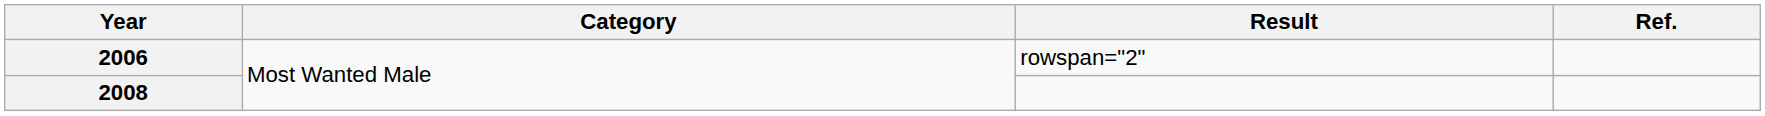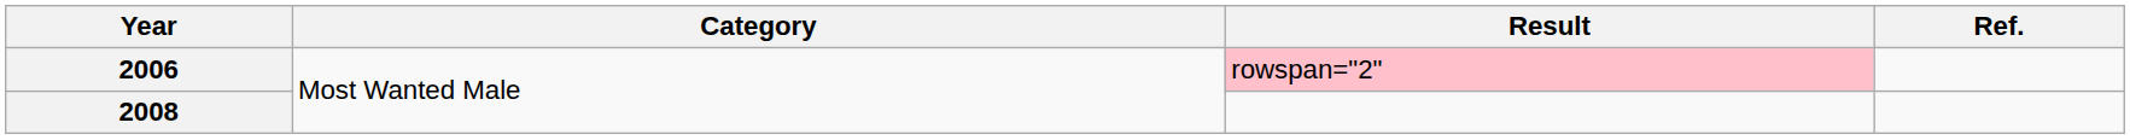 <table class="wikitable plainrowheaders" width="100%" "textcolor:#000;">
 <tr>
 <th>Year</th>
 <th>Category</th>
 <th>Result</th>
 <th>Ref.</th>
 </tr>
 <tr>
 <th>2006</th>
 <td rowspan="2">Most Wanted Male</td>
-<td>rowspan="2" </td>
+<td style="background: pink;">rowspan="2" </td>
 <td></td>
 </tr>
 <tr>
 <th>2008</th>
 <td></td>
 </tr>
 </table>
